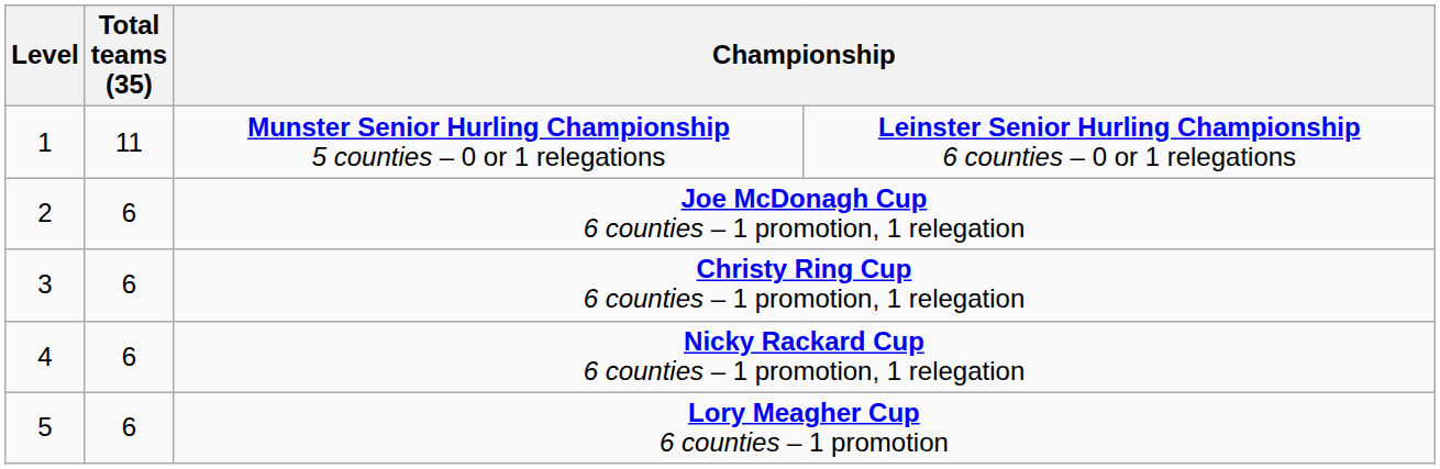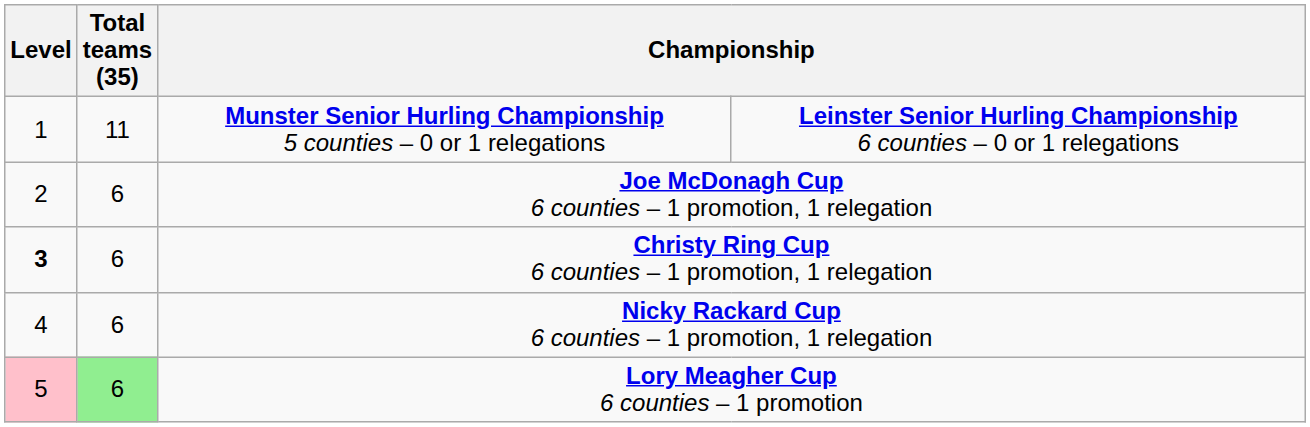 <table class="wikitable" style="text-align: center;">
 <tr>
 <th>Level</th>
 <th>Total teams (35)</th>
 <th colspan="2" width="92.4%">Championship</th>
 </tr>
 <tr>
 <td>1</td>
 <td>11</td>
 <td><strong><a href='#'>Munster Senior Hurling Championship</a></strong><br><em>5 counties</em> – 0 or 1 relegations</td>
 <td><strong><a href='#'>Leinster Senior Hurling Championship</a></strong><br><em>6 counties</em> – 0 or 1 relegations</td>
 </tr>
 <tr>
 <td>2</td>
 <td>6</td>
 <td colspan="2"><strong><a href='#'>Joe McDonagh Cup</a></strong><br><em>6 counties</em> – 1 promotion, 1 relegation</td>
 </tr>
 <tr>
-<td>3</td>
+<td><strong>3</strong></td>
 <td>6</td>
 <td colspan="2"><strong><a href='#'>Christy Ring Cup</a></strong><br><em>6 counties</em> – 1 promotion, 1 relegation</td>
 </tr>
 <tr>
 <td>4</td>
 <td>6</td>
 <td colspan="2"><strong><a href='#'>Nicky Rackard Cup</a></strong><br><em>6 counties</em> – 1 promotion, 1 relegation</td>
 </tr>
 <tr>
-<td>5</td>
-<td>6</td>
+<td style="background: pink;">5</td>
+<td style="background: lightgreen;">6</td>
 <td colspan="2"><strong><a href='#'>Lory Meagher Cup</a></strong><br><em>6 counties</em> – 1 promotion</td>
 </tr>
 </table>
